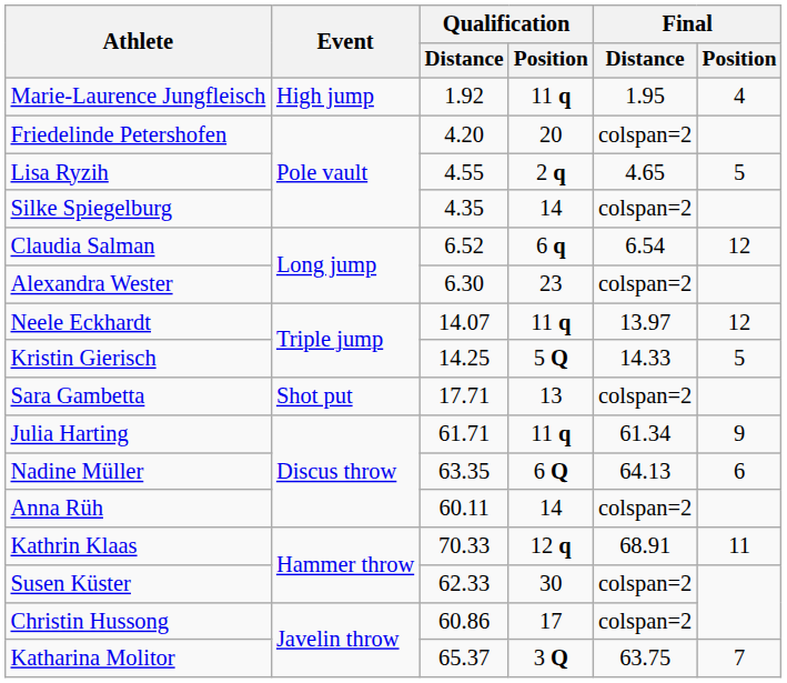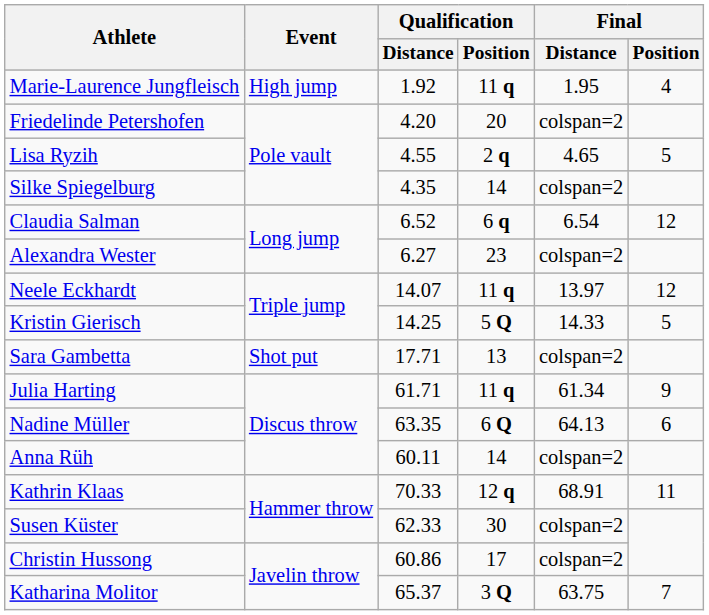 <table class=wikitable style=font-size:90%>
 <tr>
 <th rowspan=2>Athlete</th>
 <th rowspan=2>Event</th>
 <th colspan=2>Qualification</th>
 <th colspan=2>Final</th>
 </tr>
 <tr style=font-size:95%>
 <th>Distance</th>
 <th>Position</th>
 <th>Distance</th>
 <th>Position</th>
 </tr>
 <tr align=center>
 <td align=left><a href='#'>Marie-Laurence Jungfleisch</a></td>
 <td align=left><a href='#'>High jump</a></td>
 <td>1.92</td>
 <td>11 <strong>q</strong></td>
 <td>1.95</td>
 <td>4</td>
 </tr>
 <tr align=center>
 <td align=left><a href='#'>Friedelinde Petershofen</a></td>
 <td align=left rowspan=3><a href='#'>Pole vault</a></td>
 <td>4.20</td>
 <td>20</td>
 <td>colspan=2 </td>
 </tr>
 <tr align=center>
 <td align=left><a href='#'>Lisa Ryzih</a></td>
 <td>4.55</td>
 <td>2 <strong>q</strong></td>
 <td>4.65</td>
 <td>5</td>
 </tr>
 <tr align=center>
 <td align=left><a href='#'>Silke Spiegelburg</a></td>
 <td>4.35</td>
 <td>14</td>
 <td>colspan=2 </td>
 </tr>
 <tr align=center>
 <td align=left><a href='#'>Claudia Salman</a></td>
 <td align=left rowspan=2><a href='#'>Long jump</a></td>
 <td>6.52</td>
 <td>6 <strong>q</strong></td>
 <td>6.54</td>
 <td>12</td>
 </tr>
 <tr align=center>
 <td align=left><a href='#'>Alexandra Wester</a></td>
-<td>6.30</td>
+<td>6.27</td>
 <td>23</td>
 <td>colspan=2 </td>
 </tr>
 <tr align=center>
 <td align=left><a href='#'>Neele Eckhardt</a></td>
 <td align=left rowspan=2><a href='#'>Triple jump</a></td>
 <td>14.07</td>
 <td>11 <strong>q</strong></td>
 <td>13.97</td>
 <td>12</td>
 </tr>
 <tr align=center>
 <td align=left><a href='#'>Kristin Gierisch</a></td>
 <td>14.25</td>
 <td>5 <strong>Q</strong></td>
 <td>14.33</td>
 <td>5</td>
 </tr>
 <tr align=center>
 <td align=left><a href='#'>Sara Gambetta</a></td>
 <td align=left><a href='#'>Shot put</a></td>
 <td>17.71</td>
 <td>13</td>
 <td>colspan=2 </td>
 </tr>
 <tr align=center>
 <td align=left><a href='#'>Julia Harting</a></td>
 <td align=left rowspan=3><a href='#'>Discus throw</a></td>
 <td>61.71</td>
 <td>11 <strong>q</strong></td>
 <td>61.34</td>
 <td>9</td>
 </tr>
 <tr align=center>
 <td align=left><a href='#'>Nadine Müller</a></td>
 <td>63.35</td>
 <td>6 <strong>Q</strong></td>
 <td>64.13</td>
 <td>6</td>
 </tr>
 <tr align=center>
 <td align=left><a href='#'>Anna Rüh</a></td>
 <td>60.11</td>
 <td>14</td>
 <td>colspan=2 </td>
 </tr>
 <tr align=center>
 <td align=left><a href='#'>Kathrin Klaas</a></td>
 <td align=left rowspan=2><a href='#'>Hammer throw</a></td>
 <td>70.33</td>
 <td>12 <strong>q</strong></td>
 <td>68.91</td>
 <td>11</td>
 </tr>
 <tr align=center>
 <td align=left><a href='#'>Susen Küster</a></td>
 <td>62.33</td>
 <td>30</td>
 <td>colspan=2 </td>
 </tr>
 <tr align=center>
 <td align=left><a href='#'>Christin Hussong</a></td>
 <td align=left rowspan=2><a href='#'>Javelin throw</a></td>
 <td>60.86</td>
 <td>17</td>
 <td>colspan=2 </td>
 </tr>
 <tr align=center>
 <td align=left><a href='#'>Katharina Molitor</a></td>
 <td>65.37 <strong></strong></td>
 <td>3 <strong>Q</strong></td>
 <td>63.75</td>
 <td>7</td>
 </tr>
 </table>
